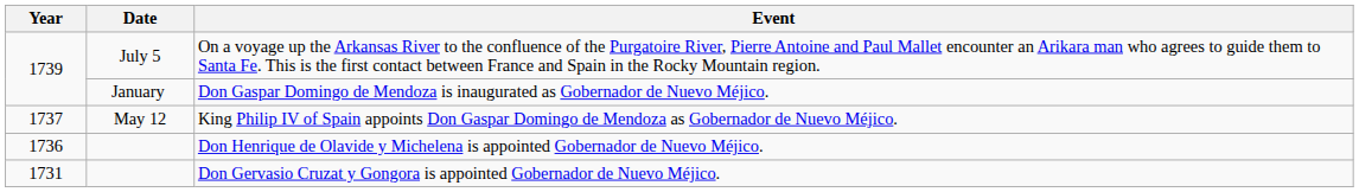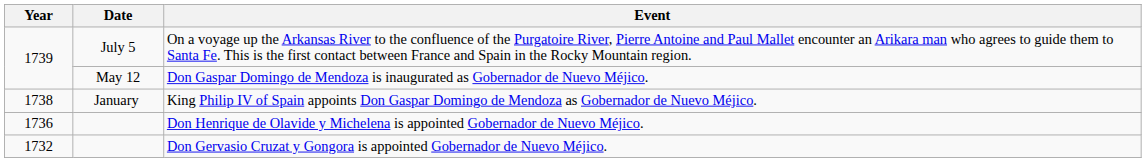 <table class="wikitable" style="width:100%;">
 <tr>
 <th style="width:6%">Year</th>
 <th style="width:8%">Date</th>
 <th style="width:86%">Event</th>
 </tr>
 <tr>
 <td align=center rowspan=2>1739</td>
 <td align=center>July 5</td>
 <td>On a voyage up the <a href='#'>Arkansas River</a> to the confluence of the <a href='#'>Purgatoire River</a>, <a href='#'>Pierre Antoine and Paul Mallet</a> encounter an <a href='#'>Arikara man</a> who agrees to guide them to <a href='#'>Santa Fe</a>.  This is the first contact between France and Spain in the Rocky Mountain region.</td>
 </tr>
 <tr>
-<td align=center>January </td>
+<td align=center>May 12</td>
 <td><a href='#'>Don Gaspar Domingo de Mendoza</a> is inaugurated as <a href='#'>Gobernador de Nuevo Méjico</a>.</td>
 </tr>
 <tr>
-<td align=center>1737</td>
-<td align=center>May 12</td>
+<td align=center>1738</td>
+<td align=center>January </td>
 <td>King <a href='#'>Philip IV of Spain</a> appoints <a href='#'>Don Gaspar Domingo de Mendoza</a> as <a href='#'>Gobernador de Nuevo Méjico</a>.</td>
 </tr>
 <tr>
 <td align=center>1736</td>
 <td align=center> </td>
 <td><a href='#'>Don Henrique de Olavide y Michelena</a> is appointed <a href='#'>Gobernador de Nuevo Méjico</a>.</td>
 </tr>
 <tr>
-<td align=center>1731</td>
+<td align=center>1732</td>
 <td align=center> </td>
 <td><a href='#'>Don Gervasio Cruzat y Gongora</a> is appointed <a href='#'>Gobernador de Nuevo Méjico</a>.</td>
 </tr>
 </table>
